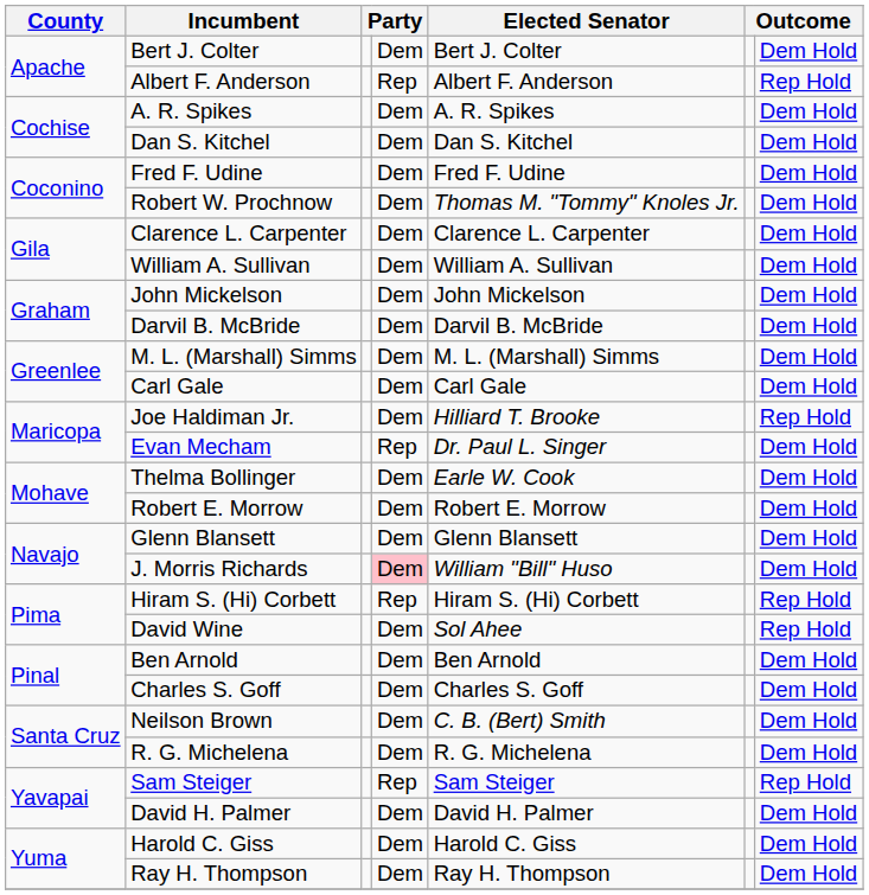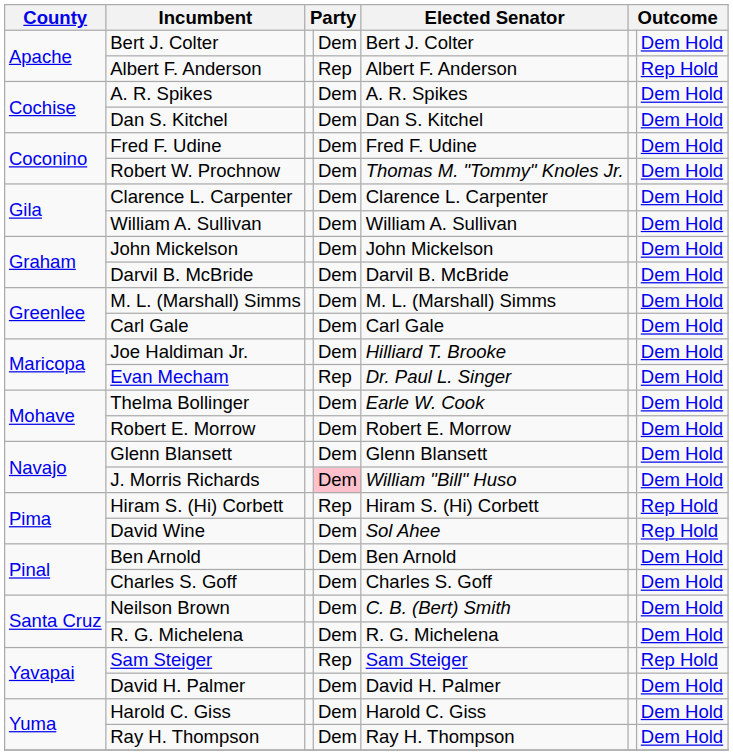 <table class="sortable wikitable" style="font-size:95%;line-height:14px;">
 <tr>
 <th><a href='#'>County</a></th>
 <th>Incumbent</th>
 <th colspan="2">Party</th>
 <th>Elected Senator</th>
 <th colspan="2">Outcome</th>
 </tr>
 <tr>
 <td rowspan="2"><a href='#'>Apache</a></td>
 <td>Bert J. Colter</td>
 <td style="background:"></td>
 <td>Dem</td>
 <td>Bert J. Colter</td>
 <td style="background:"></td>
 <td><a href='#'>Dem Hold</a></td>
 </tr>
 <tr>
 <td>Albert F. Anderson</td>
 <td style="background:"></td>
 <td>Rep</td>
 <td>Albert F. Anderson</td>
 <td style="background:"></td>
 <td><a href='#'>Rep Hold</a></td>
 </tr>
 <tr>
 <td rowspan="2"><a href='#'>Cochise</a></td>
 <td>A. R. Spikes</td>
 <td style="background:"></td>
 <td>Dem</td>
 <td>A. R. Spikes</td>
 <td style="background:"></td>
 <td><a href='#'>Dem Hold</a></td>
 </tr>
 <tr>
 <td>Dan S. Kitchel</td>
 <td style="background:"></td>
 <td>Dem</td>
 <td>Dan S. Kitchel</td>
 <td style="background:"></td>
 <td><a href='#'>Dem Hold</a></td>
 </tr>
 <tr>
 <td rowspan="2"><a href='#'>Coconino</a></td>
 <td>Fred F. Udine</td>
 <td style="background:"></td>
 <td>Dem</td>
 <td>Fred F. Udine</td>
 <td style="background:"></td>
 <td><a href='#'>Dem Hold</a></td>
 </tr>
 <tr>
 <td>Robert W. Prochnow</td>
 <td style="background:"></td>
 <td>Dem</td>
 <td><em>Thomas M. "Tommy" Knoles Jr.</em></td>
 <td style="background:"></td>
 <td><a href='#'>Dem Hold</a></td>
 </tr>
 <tr>
 <td rowspan="2"><a href='#'>Gila</a></td>
 <td>Clarence L. Carpenter</td>
 <td style="background:"></td>
 <td>Dem</td>
 <td>Clarence L. Carpenter</td>
 <td style="background:"></td>
 <td><a href='#'>Dem Hold</a></td>
 </tr>
 <tr>
 <td>William A. Sullivan</td>
 <td style="background:"></td>
 <td>Dem</td>
 <td>William A. Sullivan</td>
 <td style="background:"></td>
 <td><a href='#'>Dem Hold</a></td>
 </tr>
 <tr>
 <td rowspan="2"><a href='#'>Graham</a></td>
 <td>John Mickelson</td>
 <td style="background:"></td>
 <td>Dem</td>
 <td>John Mickelson</td>
 <td style="background:"></td>
 <td><a href='#'>Dem Hold</a></td>
 </tr>
 <tr>
 <td>Darvil B. McBride</td>
 <td style="background:"></td>
 <td>Dem</td>
 <td>Darvil B. McBride</td>
 <td style="background:"></td>
 <td><a href='#'>Dem Hold</a></td>
 </tr>
 <tr>
 <td rowspan="2"><a href='#'>Greenlee</a></td>
 <td>M. L. (Marshall) Simms</td>
 <td style="background:"></td>
 <td>Dem</td>
 <td>M. L. (Marshall) Simms</td>
 <td style="background:"></td>
 <td><a href='#'>Dem Hold</a></td>
 </tr>
 <tr>
 <td>Carl Gale</td>
 <td style="background:"></td>
 <td>Dem</td>
 <td>Carl Gale</td>
 <td style="background:"></td>
 <td><a href='#'>Dem Hold</a></td>
 </tr>
 <tr>
 <td rowspan="2"><a href='#'>Maricopa</a></td>
 <td>Joe Haldiman Jr.</td>
 <td style="background:"></td>
 <td>Dem</td>
 <td><em>Hilliard T. Brooke</em></td>
 <td style="background:"></td>
-<td><a href='#'>Rep Hold</a></td>
+<td><a href='#'>Dem Hold</a></td>
 </tr>
 <tr>
 <td><a href='#'>Evan Mecham</a></td>
 <td style="background:"></td>
 <td>Rep</td>
 <td><em>Dr. Paul L. Singer</em></td>
 <td style="background:"></td>
 <td><a href='#'>Dem Hold</a></td>
 </tr>
 <tr>
 <td rowspan="2"><a href='#'>Mohave</a></td>
 <td>Thelma Bollinger</td>
 <td style="background:"></td>
 <td>Dem</td>
 <td><em>Earle W. Cook</em></td>
 <td style="background:"></td>
 <td><a href='#'>Dem Hold</a></td>
 </tr>
 <tr>
 <td>Robert E. Morrow</td>
 <td style="background:"></td>
 <td>Dem</td>
 <td>Robert E. Morrow</td>
 <td style="background:"></td>
 <td><a href='#'>Dem Hold</a></td>
 </tr>
 <tr>
 <td rowspan="2"><a href='#'>Navajo</a></td>
 <td>Glenn Blansett</td>
 <td style="background:"></td>
 <td>Dem</td>
 <td>Glenn Blansett</td>
 <td style="background:"></td>
 <td><a href='#'>Dem Hold</a></td>
 </tr>
 <tr>
 <td>J. Morris Richards</td>
 <td style="background:"></td>
 <td style="background: pink;">Dem</td>
 <td><em>William "Bill" Huso</em></td>
 <td style="background:"></td>
 <td><a href='#'>Dem Hold</a></td>
 </tr>
 <tr>
 <td rowspan="2"><a href='#'>Pima</a></td>
 <td>Hiram S. (Hi) Corbett</td>
 <td style="background:"></td>
 <td>Rep</td>
 <td>Hiram S. (Hi) Corbett</td>
 <td style="background:"></td>
 <td><a href='#'>Rep Hold</a></td>
 </tr>
 <tr>
 <td>David Wine</td>
 <td style="background:"></td>
 <td>Dem</td>
 <td><em>Sol Ahee</em></td>
 <td style="background:"></td>
 <td><a href='#'>Rep Hold</a></td>
 </tr>
 <tr>
 <td rowspan="2"><a href='#'>Pinal</a></td>
 <td>Ben Arnold</td>
 <td style="background:"></td>
 <td>Dem</td>
 <td>Ben Arnold</td>
 <td style="background:"></td>
 <td><a href='#'>Dem Hold</a></td>
 </tr>
 <tr>
 <td>Charles S. Goff</td>
 <td style="background:"></td>
 <td>Dem</td>
 <td>Charles S. Goff</td>
 <td style="background:"></td>
 <td><a href='#'>Dem Hold</a></td>
 </tr>
 <tr>
 <td rowspan="2"><a href='#'>Santa Cruz</a></td>
 <td>Neilson Brown</td>
 <td style="background:"></td>
 <td>Dem</td>
 <td><em> C. B. (Bert) Smith</em></td>
 <td style="background:"></td>
 <td><a href='#'>Dem Hold</a></td>
 </tr>
 <tr>
 <td>R. G. Michelena</td>
 <td style="background:"></td>
 <td>Dem</td>
 <td>R. G. Michelena</td>
 <td style="background:"></td>
 <td><a href='#'>Dem Hold</a></td>
 </tr>
 <tr>
 <td rowspan="2"><a href='#'>Yavapai</a></td>
 <td><a href='#'>Sam Steiger</a></td>
 <td style="background:"></td>
 <td>Rep</td>
 <td><a href='#'>Sam Steiger</a></td>
 <td style="background:"></td>
 <td><a href='#'>Rep Hold</a></td>
 </tr>
 <tr>
 <td>David H. Palmer</td>
 <td style="background:"></td>
 <td>Dem</td>
 <td>David H. Palmer</td>
 <td style="background:"></td>
 <td><a href='#'>Dem Hold</a></td>
 </tr>
 <tr>
 <td rowspan="2"><a href='#'>Yuma</a></td>
 <td>Harold C. Giss</td>
 <td style="background:"></td>
 <td>Dem</td>
 <td>Harold C. Giss</td>
 <td style="background:"></td>
 <td><a href='#'>Dem Hold</a></td>
 </tr>
 <tr>
 <td>Ray H. Thompson</td>
 <td style="background:"></td>
 <td>Dem</td>
 <td>Ray H. Thompson</td>
 <td style="background:"></td>
 <td><a href='#'>Dem Hold</a></td>
 </tr>
 <tr>
 </tr>
 </table>
